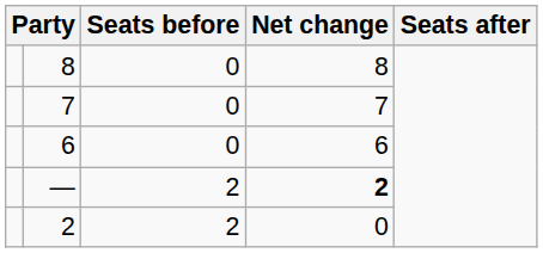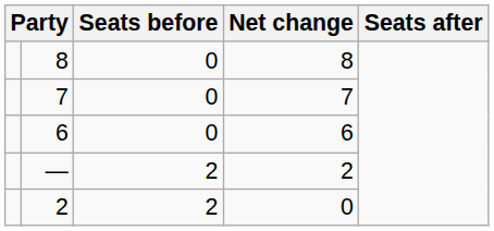 <table class=wikitable style="text-align:right">
 <tr>
 <th colspan="2">Party</th>
 <th>Seats before</th>
 <th>Net change</th>
 <th>Seats after</th>
 </tr>
 <tr>
 <td></td>
 <td>8</td>
 <td> 0</td>
 <td>8</td>
 </tr>
 <tr>
 <td></td>
 <td>7</td>
 <td> 0</td>
 <td>7</td>
 </tr>
 <tr>
 <td></td>
 <td>6</td>
 <td> 0</td>
 <td>6</td>
 </tr>
 <tr>
 <td></td>
 <td>—</td>
 <td> 2</td>
-<td><strong>2</strong></td>
+<td>2</td>
 </tr>
 <tr>
 <td></td>
 <td>2</td>
 <td> 2</td>
 <td>0</td>
 </tr>
 </table>
